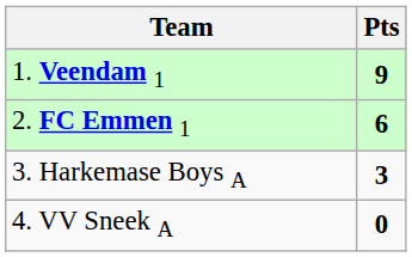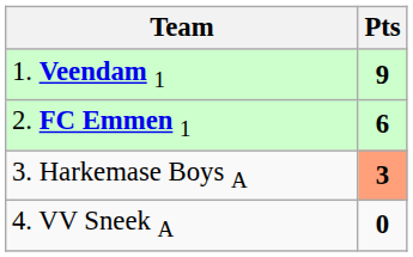 <table class="wikitable" style="text-align:center; float:left; margin-right:1em">
 <tr>
 <th style="width:200px">Team</th>
 <th width=20>Pts</th>
 </tr>
 <tr bgcolor=ccffcc>
 <td align=left>1. <strong><a href='#'>Veendam</a></strong> <sub>1</sub></td>
 <td><strong>9</strong></td>
 </tr>
 <tr bgcolor=ccffcc>
 <td align=left>2. <strong><a href='#'>FC Emmen</a></strong> <sub>1</sub></td>
 <td><strong>6</strong></td>
 </tr>
 <tr>
 <td align=left>3. Harkemase Boys <sub>A</sub></td>
-<td><strong>3</strong></td>
+<td style="background: lightsalmon;"><strong>3</strong></td>
 </tr>
 <tr>
 <td align=left>4. VV Sneek <sub>A</sub></td>
 <td><strong>0</strong></td>
 </tr>
 </table>
